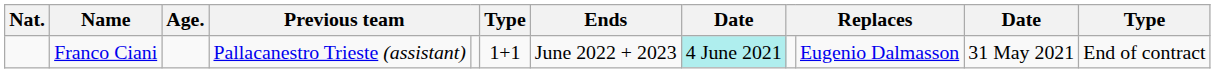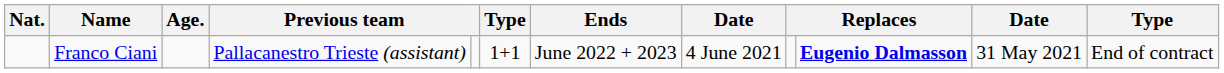 <table class="wikitable sortable">
 <tr>
 <th>Nat.</th>
 <th>Name</th>
 <th>Age.</th>
 <th colspan=2>Previous team</th>
 <th>Type</th>
 <th>Ends</th>
 <th>Date</th>
 <th colspan=2>Replaces</th>
 <th>Date</th>
 <th>Type</th>
 </tr>
 <tr>
 <td style="text-align: center;"></td>
 <td><a href='#'>Franco Ciani</a></td>
 <td style="text-align: center;"></td>
 <td><a href='#'>Pallacanestro Trieste</a> <em>(assistant)</em></td>
 <td style="text-align: center;"></td>
 <td style="text-align: center;">1+1</td>
 <td style="text-align: center;">June 2022 + 2023</td>
-<td style="background: paleturquoise; text-align: center;">4 June 2021</td>
+<td style="text-align: center;">4 June 2021</td>
 <td style="text-align: center;"></td>
-<td><a href='#'>Eugenio Dalmasson</a></td>
+<td><strong><a href='#'>Eugenio Dalmasson</a></strong></td>
 <td style="text-align: center;">31 May 2021</td>
 <td>End of contract</td>
 </tr>
 </table>
